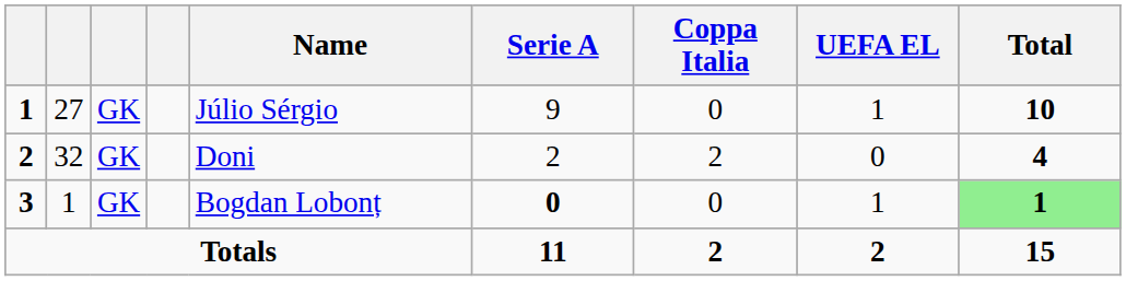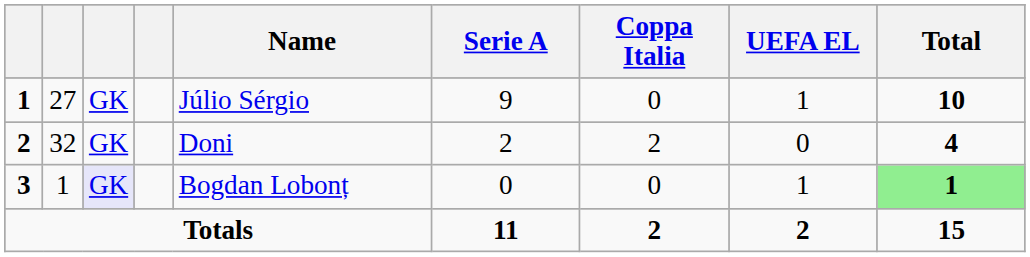 <table class="wikitable" style="text-align:center">
 <tr>
 <th width=15></th>
 <th width=15></th>
 <th width=15></th>
 <th width=15></th>
 <th width=145>Name</th>
 <th width=80><strong><a href='#'>Serie A</a></strong></th>
 <th width=80><strong><a href='#'>Coppa Italia</a></strong></th>
 <th width=80><strong><a href='#'>UEFA EL</a></strong></th>
 <th width=80>Total</th>
 </tr>
 <tr>
 <td><strong>1</strong></td>
 <td>27</td>
 <td><a href='#'>GK</a></td>
 <td></td>
 <td align=left><a href='#'>Júlio Sérgio</a></td>
 <td>9</td>
 <td>0</td>
 <td>1</td>
 <td><strong>10</strong></td>
 </tr>
 <tr>
 <td><strong>2</strong></td>
 <td>32</td>
 <td><a href='#'>GK</a></td>
 <td></td>
 <td align=left><a href='#'>Doni</a></td>
 <td>2</td>
 <td>2</td>
 <td>0</td>
 <td><strong>4</strong></td>
 </tr>
 <tr>
 <td><strong>3</strong></td>
 <td>1</td>
-<td><a href='#'>GK</a></td>
+<td style="background: lavender;"><a href='#'>GK</a></td>
 <td></td>
 <td align=left><a href='#'>Bogdan Lobonț</a></td>
-<td><strong>0</strong></td>
+<td>0</td>
 <td>0</td>
 <td>1</td>
 <td style="background: lightgreen;"><strong>1</strong></td>
 </tr>
 <tr>
 <td colspan=5><strong>Totals</strong></td>
 <td><strong>11</strong></td>
 <td><strong>2</strong></td>
 <td><strong>2</strong></td>
 <td><strong>15</strong></td>
 </tr>
 </table>
